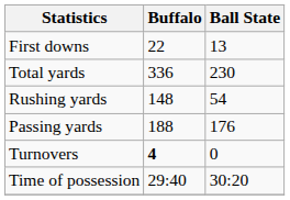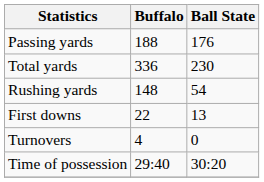 <table class="wikitable">
 <tr>
 <th>Statistics</th>
 <th>Buffalo</th>
 <th>Ball State</th>
 </tr>
 <tr>
-<td>First downs</td>
-<td>22</td>
-<td>13</td>
+<td>Passing yards</td>
+<td>188</td>
+<td>176</td>
 </tr>
 <tr>
 <td>Total yards</td>
 <td>336</td>
 <td>230</td>
 </tr>
 <tr>
 <td>Rushing yards</td>
 <td>148</td>
 <td>54</td>
 </tr>
 <tr>
-<td>Passing yards</td>
-<td>188</td>
-<td>176</td>
+<td>First downs</td>
+<td>22</td>
+<td>13</td>
 </tr>
 <tr>
 <td>Turnovers</td>
-<td><strong>4</strong></td>
+<td>4</td>
 <td>0</td>
 </tr>
 <tr>
 <td>Time of possession</td>
 <td>29:40</td>
 <td>30:20</td>
 </tr>
 <tr>
 </tr>
 </table>
